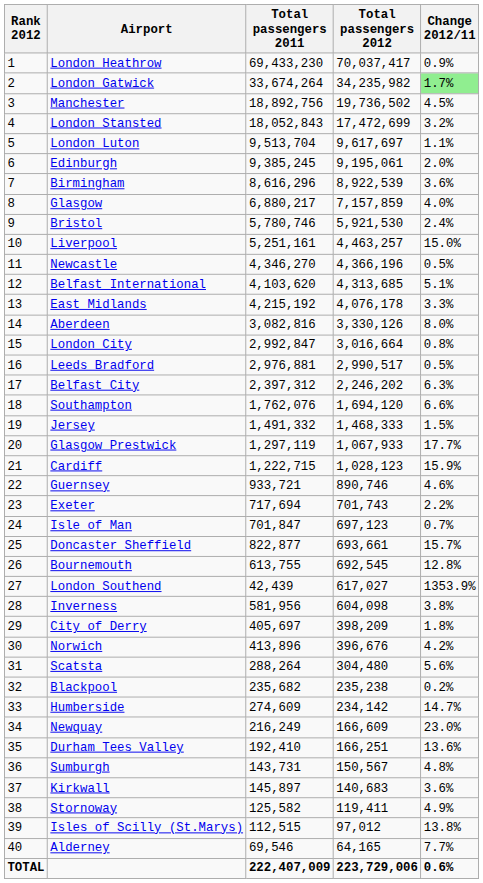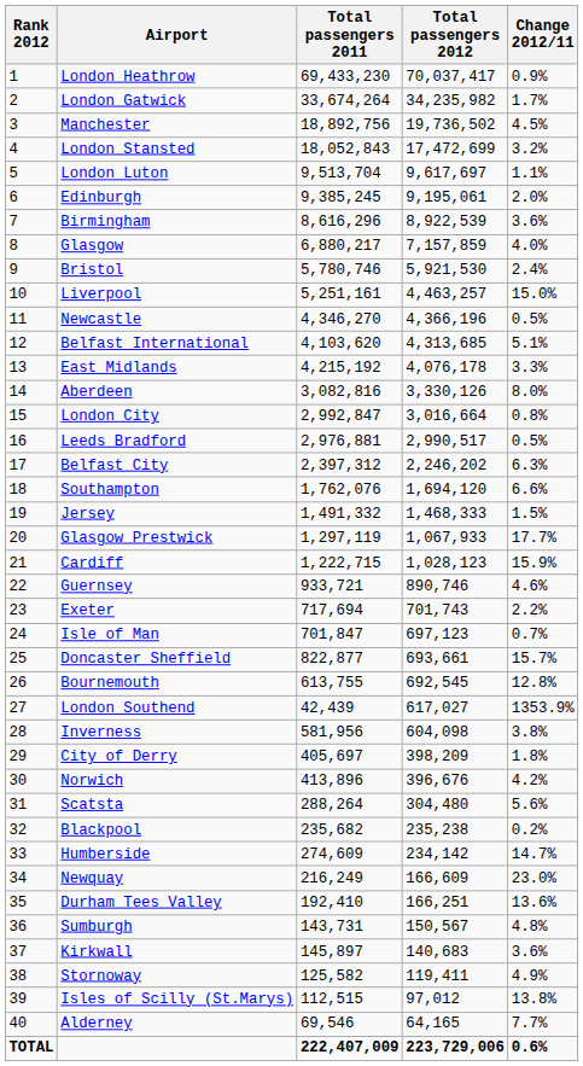 <table class="wikitable sortable">
 <tr>
 <th>Rank<br>2012</th>
 <th>Airport</th>
 <th>Total<br>passengers<br>2011</th>
 <th>Total<br>passengers<br>2012 <br><small></small></th>
 <th>Change<br>2012/11</th>
 </tr>
 <tr>
 <td>1</td>
 <td><a href='#'>London Heathrow</a></td>
 <td>69,433,230</td>
 <td>70,037,417</td>
 <td>0.9%</td>
 </tr>
 <tr>
 <td>2</td>
 <td><a href='#'>London Gatwick</a></td>
 <td>33,674,264</td>
 <td>34,235,982</td>
-<td style="background: lightgreen;">1.7%</td>
+<td>1.7%</td>
 </tr>
 <tr>
 <td>3</td>
 <td><a href='#'>Manchester</a></td>
 <td>18,892,756</td>
 <td>19,736,502</td>
 <td>4.5%</td>
 </tr>
 <tr>
 <td>4</td>
 <td><a href='#'>London Stansted</a></td>
 <td>18,052,843</td>
 <td>17,472,699</td>
 <td>3.2%</td>
 </tr>
 <tr>
 <td>5</td>
 <td><a href='#'>London Luton</a></td>
 <td>9,513,704</td>
 <td>9,617,697</td>
 <td>1.1%</td>
 </tr>
 <tr>
 <td>6</td>
 <td><a href='#'>Edinburgh</a></td>
 <td>9,385,245</td>
 <td>9,195,061</td>
 <td>2.0%</td>
 </tr>
 <tr>
 <td>7</td>
 <td><a href='#'>Birmingham</a></td>
 <td>8,616,296</td>
 <td>8,922,539</td>
 <td>3.6%</td>
 </tr>
 <tr>
 <td>8</td>
 <td><a href='#'>Glasgow</a></td>
 <td>6,880,217</td>
 <td>7,157,859</td>
 <td>4.0%</td>
 </tr>
 <tr>
 <td>9</td>
 <td><a href='#'>Bristol</a></td>
 <td>5,780,746</td>
 <td>5,921,530</td>
 <td>2.4%</td>
 </tr>
 <tr>
 <td>10</td>
 <td><a href='#'>Liverpool</a></td>
 <td>5,251,161</td>
 <td>4,463,257</td>
 <td>15.0%</td>
 </tr>
 <tr>
 <td>11</td>
 <td><a href='#'>Newcastle</a></td>
 <td>4,346,270</td>
 <td>4,366,196</td>
 <td>0.5%</td>
 </tr>
 <tr>
 <td>12</td>
 <td><a href='#'>Belfast International</a></td>
 <td>4,103,620</td>
 <td>4,313,685</td>
 <td>5.1%</td>
 </tr>
 <tr>
 <td>13</td>
 <td><a href='#'>East Midlands</a></td>
 <td>4,215,192</td>
 <td>4,076,178</td>
 <td>3.3%</td>
 </tr>
 <tr>
 <td>14</td>
 <td><a href='#'>Aberdeen</a></td>
 <td>3,082,816</td>
 <td>3,330,126</td>
 <td>8.0%</td>
 </tr>
 <tr>
 <td>15</td>
 <td><a href='#'>London City</a></td>
 <td>2,992,847</td>
 <td>3,016,664</td>
 <td>0.8%</td>
 </tr>
 <tr>
 <td>16</td>
 <td><a href='#'>Leeds Bradford</a></td>
 <td>2,976,881</td>
 <td>2,990,517</td>
 <td>0.5%</td>
 </tr>
 <tr>
 <td>17</td>
 <td><a href='#'>Belfast City</a></td>
 <td>2,397,312</td>
 <td>2,246,202</td>
 <td>6.3%</td>
 </tr>
 <tr>
 <td>18</td>
 <td><a href='#'>Southampton</a></td>
 <td>1,762,076</td>
 <td>1,694,120</td>
 <td>6.6%</td>
 </tr>
 <tr>
 <td>19</td>
 <td><a href='#'>Jersey</a></td>
 <td>1,491,332</td>
 <td>1,468,333</td>
 <td>1.5%</td>
 </tr>
 <tr>
 <td>20</td>
 <td><a href='#'>Glasgow Prestwick</a></td>
 <td>1,297,119</td>
 <td>1,067,933</td>
 <td>17.7%</td>
 </tr>
 <tr>
 <td>21</td>
 <td><a href='#'>Cardiff</a></td>
 <td>1,222,715</td>
 <td>1,028,123</td>
 <td>15.9%</td>
 </tr>
 <tr>
 <td>22</td>
 <td><a href='#'>Guernsey</a></td>
 <td>933,721</td>
 <td>890,746</td>
 <td>4.6%</td>
 </tr>
 <tr>
 <td>23</td>
 <td><a href='#'>Exeter</a></td>
 <td>717,694</td>
 <td>701,743</td>
 <td>2.2%</td>
 </tr>
 <tr>
 <td>24</td>
 <td><a href='#'>Isle of Man</a></td>
 <td>701,847</td>
 <td>697,123</td>
 <td>0.7%</td>
 </tr>
 <tr>
 <td>25</td>
 <td><a href='#'>Doncaster Sheffield</a></td>
 <td>822,877</td>
 <td>693,661</td>
 <td>15.7%</td>
 </tr>
 <tr>
 <td>26</td>
 <td><a href='#'>Bournemouth</a></td>
 <td>613,755</td>
 <td>692,545</td>
 <td>12.8%</td>
 </tr>
 <tr>
 <td>27</td>
 <td><a href='#'>London Southend</a></td>
 <td>42,439</td>
 <td>617,027</td>
 <td>1353.9%</td>
 </tr>
 <tr>
 <td>28</td>
 <td><a href='#'>Inverness</a></td>
 <td>581,956</td>
 <td>604,098</td>
 <td>3.8%</td>
 </tr>
 <tr>
 <td>29</td>
 <td><a href='#'>City of Derry</a></td>
 <td>405,697</td>
 <td>398,209</td>
 <td>1.8%</td>
 </tr>
 <tr>
 <td>30</td>
 <td><a href='#'>Norwich</a></td>
 <td>413,896</td>
 <td>396,676</td>
 <td>4.2%</td>
 </tr>
 <tr>
 <td>31</td>
 <td><a href='#'>Scatsta</a></td>
 <td>288,264</td>
 <td>304,480</td>
 <td>5.6%</td>
 </tr>
 <tr>
 <td>32</td>
 <td><a href='#'>Blackpool</a></td>
 <td>235,682</td>
 <td>235,238</td>
 <td>0.2%</td>
 </tr>
 <tr>
 <td>33</td>
 <td><a href='#'>Humberside</a></td>
 <td>274,609</td>
 <td>234,142</td>
 <td>14.7%</td>
 </tr>
 <tr>
 <td>34</td>
 <td><a href='#'>Newquay</a></td>
 <td>216,249</td>
 <td>166,609</td>
 <td>23.0%</td>
 </tr>
 <tr>
 <td>35</td>
 <td><a href='#'>Durham Tees Valley</a></td>
 <td>192,410</td>
 <td>166,251</td>
 <td>13.6%</td>
 </tr>
 <tr>
 <td>36</td>
 <td><a href='#'>Sumburgh</a></td>
 <td>143,731</td>
 <td>150,567</td>
 <td>4.8%</td>
 </tr>
 <tr>
 <td>37</td>
 <td><a href='#'>Kirkwall</a></td>
 <td>145,897</td>
 <td>140,683</td>
 <td>3.6%</td>
 </tr>
 <tr>
 <td>38</td>
 <td><a href='#'>Stornoway</a></td>
 <td>125,582</td>
 <td>119,411</td>
 <td>4.9%</td>
 </tr>
 <tr>
 <td>39</td>
 <td><a href='#'>Isles of Scilly (St.Marys)</a></td>
 <td>112,515</td>
 <td>97,012</td>
 <td>13.8%</td>
 </tr>
 <tr>
 <td>40</td>
 <td><a href='#'>Alderney</a></td>
 <td>69,546</td>
 <td>64,165</td>
 <td>7.7%</td>
 </tr>
 <tr class="sortbottom">
 <td><strong>TOTAL</strong></td>
 <td></td>
 <td><strong>222,407,009</strong></td>
 <td><strong>223,729,006</strong></td>
 <td><strong>0.6%</strong></td>
 </tr>
 </table>
